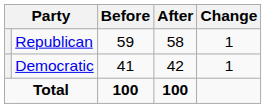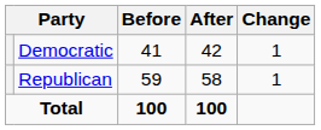 <table class="wikitable" style="text-align:center;">
 <tr>
 <th colspan="2">Party</th>
 <th>Before</th>
 <th>After</th>
 <th>Change</th>
 </tr>
 <tr>
 <th style="background-color:"></th>
-<td style="text-align:left;"><a href='#'>Republican</a></td>
-<td>59</td>
-<td>58</td>
+<td style="text-align:left;"><a href='#'>Democratic</a></td>
+<td>41</td>
+<td>42</td>
 <td> 1</td>
 </tr>
 <tr>
 <th style="background-color:"></th>
-<td style="text-align:left;"><a href='#'>Democratic</a></td>
-<td>41</td>
-<td>42</td>
+<td style="text-align:left;"><a href='#'>Republican</a></td>
+<td>59</td>
+<td>58</td>
 <td> 1</td>
 </tr>
 <tr>
 <td colspan="2"><strong>Total</strong></td>
 <td><strong>100</strong></td>
 <td><strong>100</strong></td>
 <td></td>
 </tr>
 </table>
